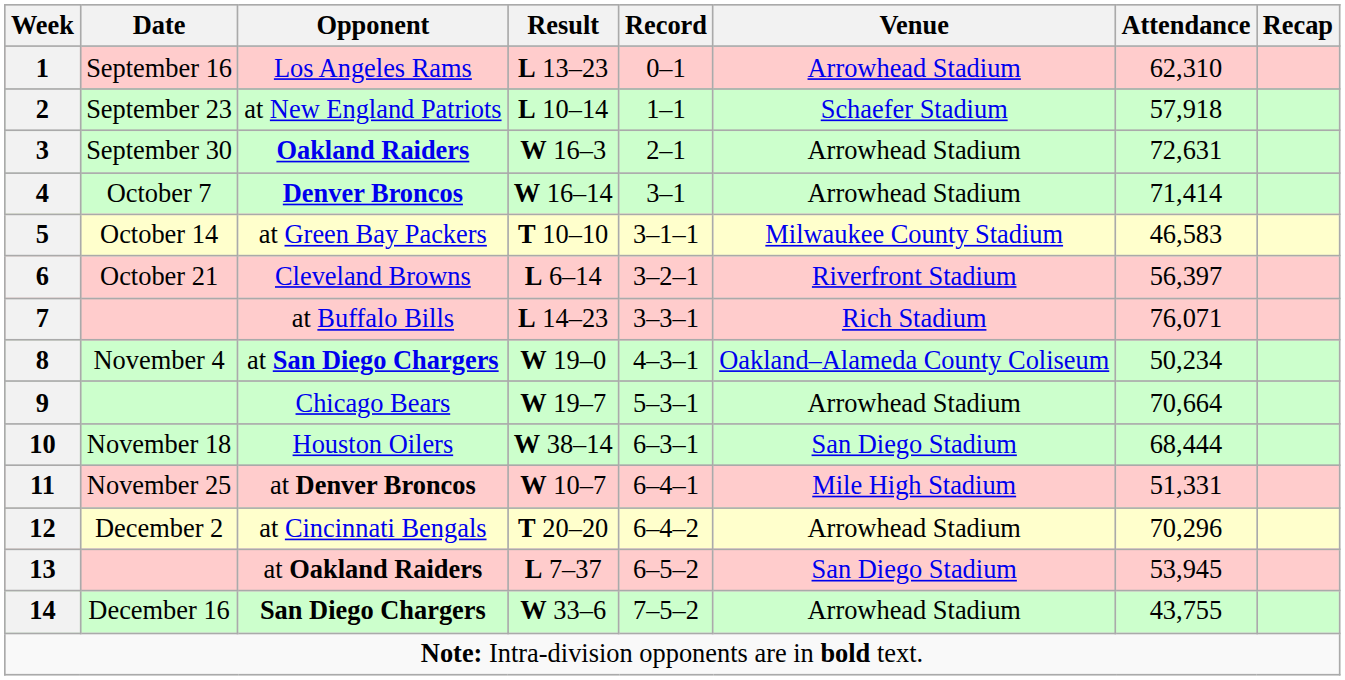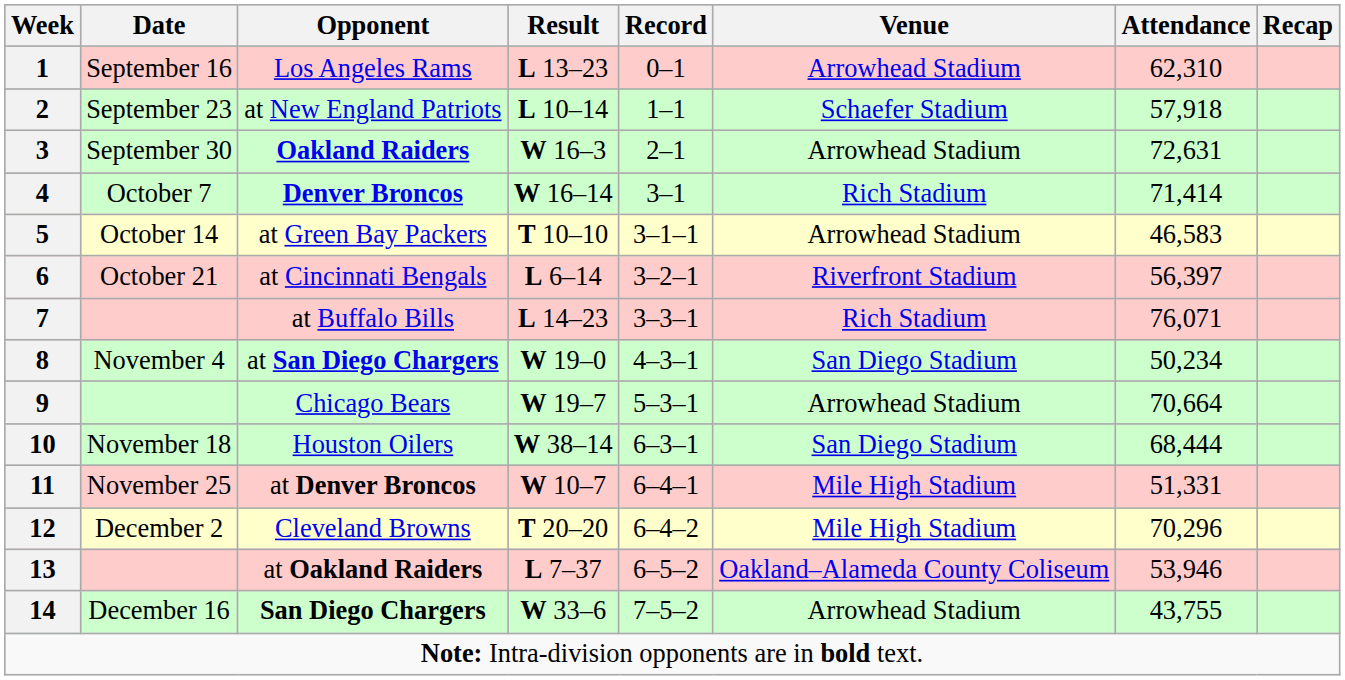 <table class="wikitable" style="text-align:center">
 <tr>
 <th>Week</th>
 <th>Date</th>
 <th>Opponent</th>
 <th>Result</th>
 <th>Record</th>
 <th>Venue</th>
 <th>Attendance</th>
 <th>Recap</th>
 </tr>
 <tr style="background:#fcc">
 <th>1</th>
 <td>September 16</td>
 <td><a href='#'>Los Angeles Rams</a></td>
 <td><strong>L</strong> 13–23</td>
 <td>0–1</td>
 <td><a href='#'>Arrowhead Stadium</a></td>
 <td>62,310</td>
 <td></td>
 </tr>
 <tr style="background:#cfc">
 <th>2</th>
 <td>September 23</td>
 <td>at <a href='#'>New England Patriots</a></td>
 <td><strong>L</strong> 10–14</td>
 <td>1–1</td>
 <td><a href='#'>Schaefer Stadium</a></td>
 <td>57,918</td>
 <td></td>
 </tr>
 <tr style="background:#cfc">
 <th>3</th>
 <td>September 30</td>
 <td><strong><a href='#'>Oakland Raiders</a></strong></td>
 <td><strong>W</strong> 16–3</td>
 <td>2–1</td>
 <td>Arrowhead Stadium</td>
 <td>72,631</td>
 <td></td>
 </tr>
 <tr style="background:#cfc">
 <th>4</th>
 <td>October 7</td>
 <td><strong><a href='#'>Denver Broncos</a></strong></td>
 <td><strong>W</strong> 16–14</td>
 <td>3–1</td>
-<td>Arrowhead Stadium</td>
+<td><a href='#'>Rich Stadium</a></td>
 <td>71,414</td>
 <td></td>
 </tr>
 <tr style="background:#ffc">
 <th>5</th>
 <td>October 14</td>
 <td>at <a href='#'>Green Bay Packers</a></td>
 <td><strong>T</strong> 10–10</td>
 <td>3–1–1</td>
-<td><a href='#'>Milwaukee County Stadium</a></td>
+<td>Arrowhead Stadium</td>
 <td>46,583</td>
 <td></td>
 </tr>
 <tr style="background:#fcc">
 <th>6</th>
 <td>October 21</td>
-<td><a href='#'>Cleveland Browns</a></td>
+<td>at <a href='#'>Cincinnati Bengals</a></td>
 <td><strong>L</strong> 6–14</td>
 <td>3–2–1</td>
 <td><a href='#'>Riverfront Stadium</a></td>
 <td>56,397</td>
 <td></td>
 </tr>
 <tr style="background:#fcc">
 <th>7</th>
 <td></td>
 <td>at <a href='#'>Buffalo Bills</a></td>
 <td><strong>L</strong> 14–23</td>
 <td>3–3–1</td>
 <td><a href='#'>Rich Stadium</a></td>
 <td>76,071</td>
 <td></td>
 </tr>
 <tr style="background:#cfc">
 <th>8</th>
 <td>November 4</td>
 <td>at <strong><a href='#'>San Diego Chargers</a></strong></td>
 <td><strong>W</strong> 19–0</td>
 <td>4–3–1</td>
-<td><a href='#'>Oakland–Alameda County Coliseum</a></td>
+<td><a href='#'>San Diego Stadium</a></td>
 <td>50,234</td>
 <td></td>
 </tr>
 <tr style="background:#cfc">
 <th>9</th>
 <td></td>
 <td><a href='#'>Chicago Bears</a></td>
 <td><strong>W</strong> 19–7</td>
 <td>5–3–1</td>
 <td>Arrowhead Stadium</td>
 <td>70,664</td>
 <td></td>
 </tr>
 <tr style="background:#cfc">
 <th>10</th>
 <td>November 18</td>
 <td><a href='#'>Houston Oilers</a></td>
 <td><strong>W</strong> 38–14</td>
 <td>6–3–1</td>
 <td><a href='#'>San Diego Stadium</a></td>
 <td>68,444</td>
 <td></td>
 </tr>
 <tr style="background:#fcc">
 <th>11</th>
 <td>November 25</td>
 <td>at <strong>Denver Broncos</strong></td>
 <td><strong>W</strong> 10–7</td>
 <td>6–4–1</td>
 <td><a href='#'>Mile High Stadium</a></td>
 <td>51,331</td>
 <td></td>
 </tr>
 <tr style="background:#ffc">
 <th>12</th>
 <td>December 2</td>
-<td>at <a href='#'>Cincinnati Bengals</a></td>
+<td><a href='#'>Cleveland Browns</a></td>
 <td><strong>T</strong> 20–20</td>
 <td>6–4–2</td>
-<td>Arrowhead Stadium</td>
+<td><a href='#'>Mile High Stadium</a></td>
 <td>70,296</td>
 <td></td>
 </tr>
 <tr style="background:#fcc">
 <th>13</th>
 <td></td>
 <td>at <strong>Oakland Raiders</strong></td>
 <td><strong>L</strong> 7–37</td>
 <td>6–5–2</td>
-<td><a href='#'>San Diego Stadium</a></td>
-<td>53,945</td>
+<td><a href='#'>Oakland–Alameda County Coliseum</a></td>
+<td>53,946</td>
 <td></td>
 </tr>
 <tr style="background:#cfc">
 <th>14</th>
 <td>December 16</td>
 <td><strong>San Diego Chargers</strong></td>
 <td><strong>W</strong> 33–6</td>
 <td>7–5–2</td>
 <td>Arrowhead Stadium</td>
 <td>43,755</td>
 <td></td>
 </tr>
 <tr>
 <td colspan="8"><strong>Note:</strong> Intra-division opponents are in <strong>bold</strong> text.</td>
 </tr>
 </table>
